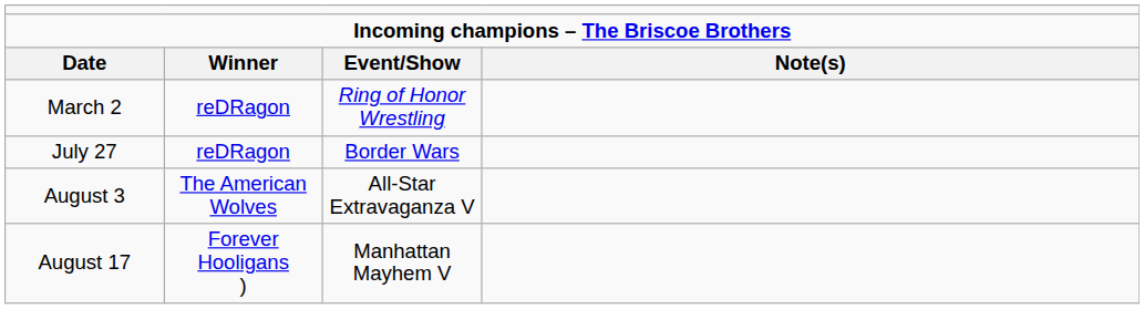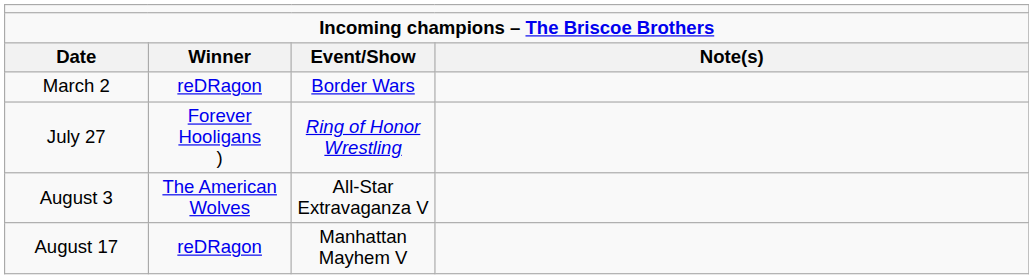 <table class="wikitable" style="text-align:center; width:100%;">
 <tr>
 <td colspan="5"></td>
 </tr>
 <tr>
 <td colspan="5"><strong>Incoming champions – <a href='#'>The Briscoe Brothers</a> </strong></td>
 </tr>
 <tr>
 <th width=14%>Date</th>
 <th width=14%>Winner</th>
 <th width=14%>Event/Show</th>
 <th width=58%>Note(s)</th>
 </tr>
 <tr>
 <td>March 2</td>
 <td><a href='#'>reDRagon</a><br></td>
-<td><em><a href='#'>Ring of Honor Wrestling</a></em></td>
+<td><a href='#'>Border Wars</a></td>
 <td align="left"></td>
 </tr>
 <tr>
 <td>July 27</td>
-<td><a href='#'>reDRagon</a><br></td>
-<td><a href='#'>Border Wars</a></td>
+<td><a href='#'>Forever Hooligans</a><br>)</td>
+<td><em><a href='#'>Ring of Honor Wrestling</a></em></td>
 <td align="left"></td>
 </tr>
 <tr>
 <td>August 3</td>
 <td><a href='#'>The American Wolves</a><br></td>
 <td>All-Star Extravaganza V</td>
 <td align="left"></td>
 </tr>
 <tr>
 <td>August 17</td>
-<td><a href='#'>Forever Hooligans</a><br>)</td>
+<td><a href='#'>reDRagon</a><br></td>
 <td>Manhattan Mayhem V</td>
 <td align="left"></td>
 </tr>
 </table>
